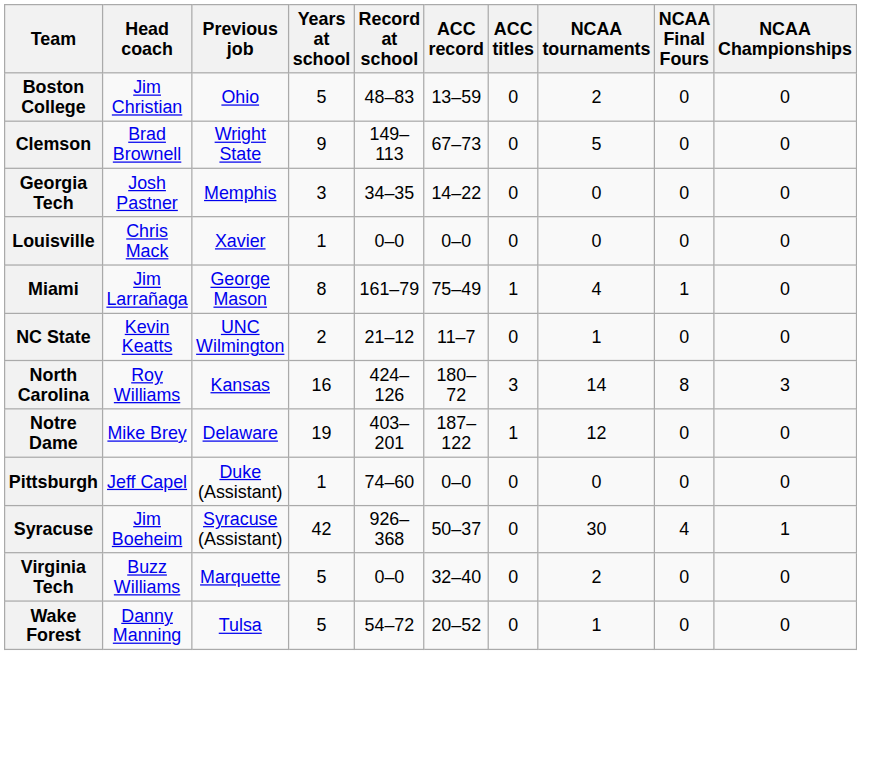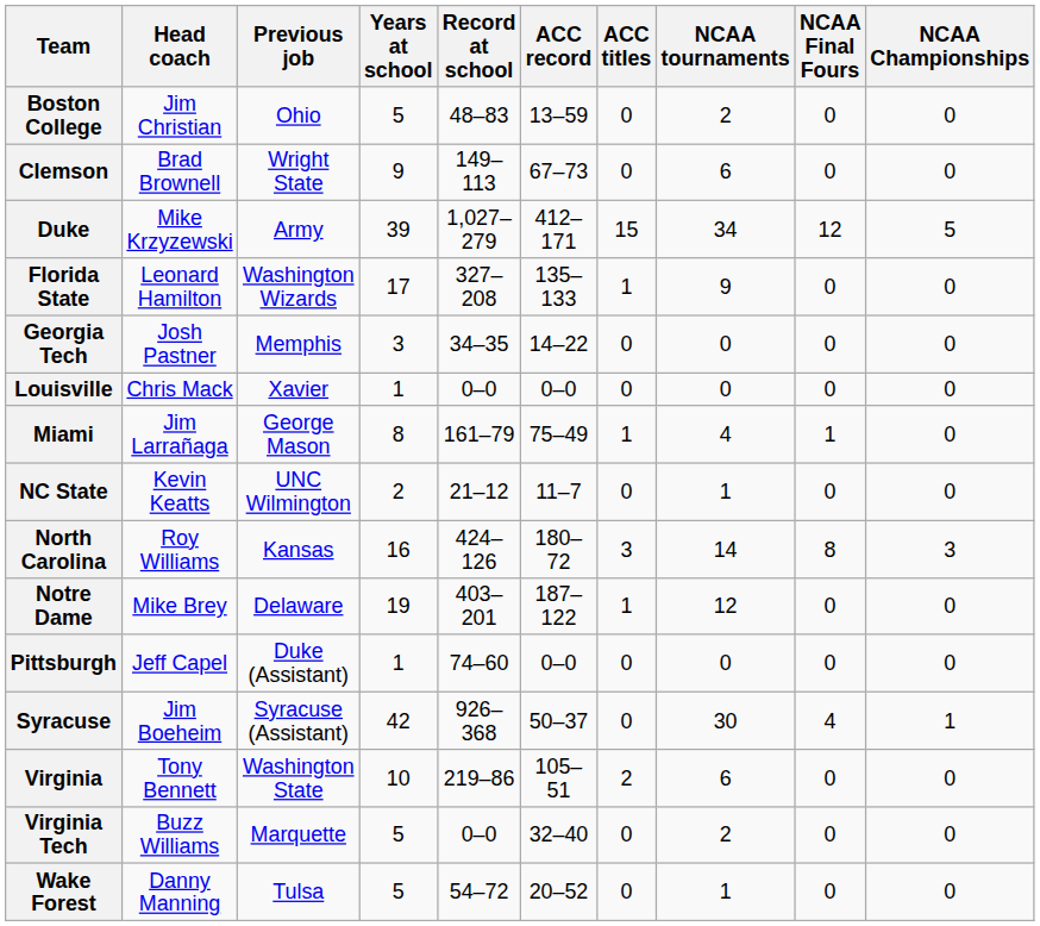 <table class="wikitable sortable" style="text-align: center;font-size:90%;">
 <tr>
 <th width="90">Team</th>
 <th>Head coach</th>
 <th>Previous job</th>
 <th>Years at school</th>
 <th>Record at school</th>
 <th>ACC record</th>
 <th>ACC titles</th>
 <th>NCAA tournaments</th>
 <th>NCAA Final Fours</th>
 <th>NCAA Championships</th>
 </tr>
 <tr>
 <th style=>Boston College</th>
 <td><a href='#'>Jim Christian</a></td>
 <td><a href='#'>Ohio</a></td>
 <td>5</td>
 <td>48–83</td>
 <td>13–59</td>
 <td>0</td>
 <td>2</td>
 <td>0</td>
 <td>0</td>
 </tr>
 <tr>
 <th>Clemson</th>
 <td><a href='#'>Brad Brownell</a></td>
 <td><a href='#'>Wright State</a></td>
 <td>9</td>
 <td>149–113</td>
 <td>67–73</td>
 <td>0</td>
+<td>6</td>
+<td>0</td>
+<td>0</td>
+</tr>
+<tr>
+<th>Duke</th>
+<td><a href='#'>Mike Krzyzewski</a></td>
+<td><a href='#'>Army</a></td>
+<td>39</td>
+<td>1,027–279</td>
+<td>412–171</td>
+<td>15</td>
+<td>34</td>
+<td>12</td>
 <td>5</td>
+</tr>
+<tr>
+<th style=>Florida State</th>
+<td><a href='#'>Leonard Hamilton</a></td>
+<td><a href='#'>Washington Wizards</a></td>
+<td>17</td>
+<td>327–208</td>
+<td>135–133</td>
+<td>1</td>
+<td>9</td>
 <td>0</td>
 <td>0</td>
 </tr>
 <tr>
 <th>Georgia Tech</th>
 <td><a href='#'>Josh Pastner</a></td>
 <td><a href='#'>Memphis</a></td>
 <td>3</td>
 <td>34–35</td>
 <td>14–22</td>
 <td>0</td>
 <td>0</td>
 <td>0</td>
 <td>0</td>
 </tr>
 <tr>
 <th>Louisville</th>
 <td><a href='#'>Chris Mack</a></td>
 <td><a href='#'>Xavier</a></td>
 <td>1</td>
 <td>0–0</td>
 <td>0–0</td>
 <td>0</td>
 <td>0</td>
 <td>0</td>
 <td>0</td>
 </tr>
 <tr>
 <th>Miami</th>
 <td><a href='#'>Jim Larrañaga</a></td>
 <td><a href='#'>George Mason</a></td>
 <td>8</td>
 <td>161–79</td>
 <td>75–49</td>
 <td>1</td>
 <td>4</td>
 <td>1</td>
 <td>0</td>
 </tr>
 <tr>
 <th>NC State</th>
 <td><a href='#'>Kevin Keatts</a></td>
 <td><a href='#'>UNC Wilmington</a></td>
 <td>2</td>
 <td>21–12</td>
 <td>11–7</td>
 <td>0</td>
 <td>1</td>
 <td>0</td>
 <td>0</td>
 </tr>
 <tr>
 <th>North Carolina</th>
 <td><a href='#'>Roy Williams</a></td>
 <td><a href='#'>Kansas</a></td>
 <td>16</td>
 <td>424–126</td>
 <td>180–72</td>
 <td>3</td>
 <td>14</td>
 <td>8</td>
 <td>3</td>
 </tr>
 <tr>
 <th style=>Notre Dame</th>
 <td><a href='#'>Mike Brey</a></td>
 <td><a href='#'>Delaware</a></td>
 <td>19</td>
 <td>403–201</td>
 <td>187–122</td>
 <td>1</td>
 <td>12</td>
 <td>0</td>
 <td>0</td>
 </tr>
 <tr>
 <th style=>Pittsburgh</th>
 <td><a href='#'>Jeff Capel</a></td>
 <td><a href='#'>Duke</a> (Assistant)</td>
 <td>1</td>
 <td>74–60</td>
 <td>0–0</td>
 <td>0</td>
 <td>0</td>
 <td>0</td>
 <td>0</td>
 </tr>
 <tr>
 <th style=>Syracuse</th>
 <td><a href='#'>Jim Boeheim</a></td>
 <td><a href='#'>Syracuse</a> (Assistant)</td>
 <td>42</td>
 <td>926–368</td>
 <td>50–37</td>
 <td>0</td>
 <td>30</td>
 <td>4</td>
 <td>1</td>
 </tr>
 <tr>
+<th>Virginia</th>
+<td><a href='#'>Tony Bennett</a></td>
+<td><a href='#'>Washington State</a></td>
+<td>10</td>
+<td>219–86</td>
+<td>105–51</td>
+<td>2</td>
+<td>6</td>
+<td>0</td>
+<td>0</td>
+</tr>
+<tr>
 <th>Virginia Tech</th>
 <td><a href='#'>Buzz Williams</a></td>
 <td><a href='#'>Marquette</a></td>
 <td>5</td>
 <td>0–0</td>
 <td>32–40</td>
 <td>0</td>
 <td>2</td>
 <td>0</td>
 <td>0</td>
 </tr>
 <tr>
 <th style=>Wake Forest</th>
 <td><a href='#'>Danny Manning</a></td>
 <td><a href='#'>Tulsa</a></td>
 <td>5</td>
 <td>54–72</td>
 <td>20–52</td>
 <td>0</td>
 <td>1</td>
 <td>0</td>
 <td>0</td>
 </tr>
 </table>
